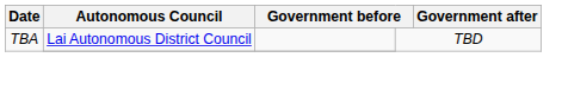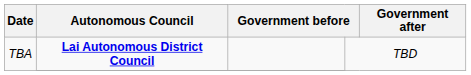 <table class="wikitable sortable"style="text-align:center;">
 <tr>
 <th>Date</th>
 <th>Autonomous Council</th>
 <th colspan=2>Government before</th>
 <th colspan=2>Government after</th>
 </tr>
 <tr>
 <td rowspan="2"><em>TBA</em></td>
-<td><a href='#'>Lai Autonomous District Council</a></td>
+<td><strong><a href='#'>Lai Autonomous District Council</a></strong></td>
 <td></td>
 <td colspan="2" rowspan="2"><em>TBD</em></td>
 </tr>
 <tr>
 </tr>
 </table>
